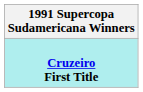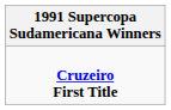 <table class="wikitable" style="text-align: center; margin: 0 auto;">
 <tr>
 <th>1991 Supercopa<br>Sudamericana Winners</th>
 </tr>
 <tr>
-<td style="background: paleturquoise;"><br><strong><a href='#'>Cruzeiro</a></strong><br><strong>First Title</strong></td>
+<td><br><strong><a href='#'>Cruzeiro</a></strong><br><strong>First Title</strong></td>
 </tr>
 </table>
